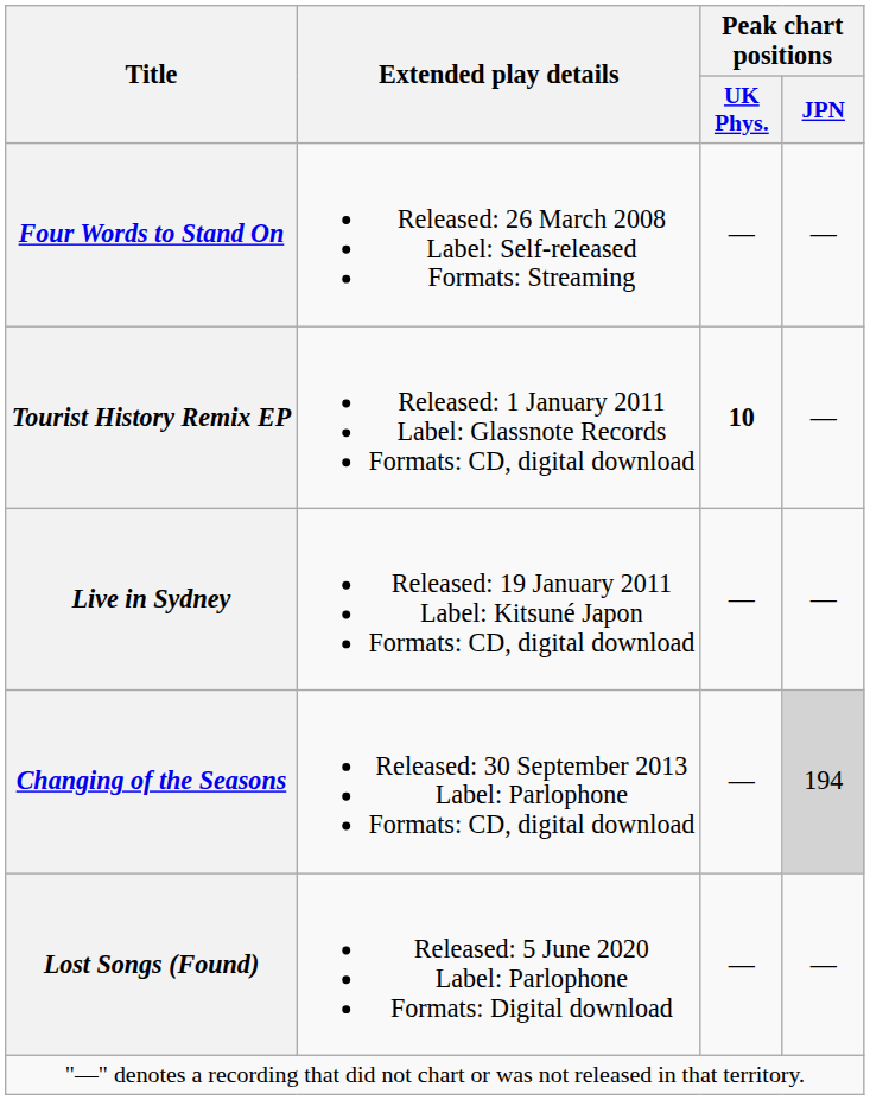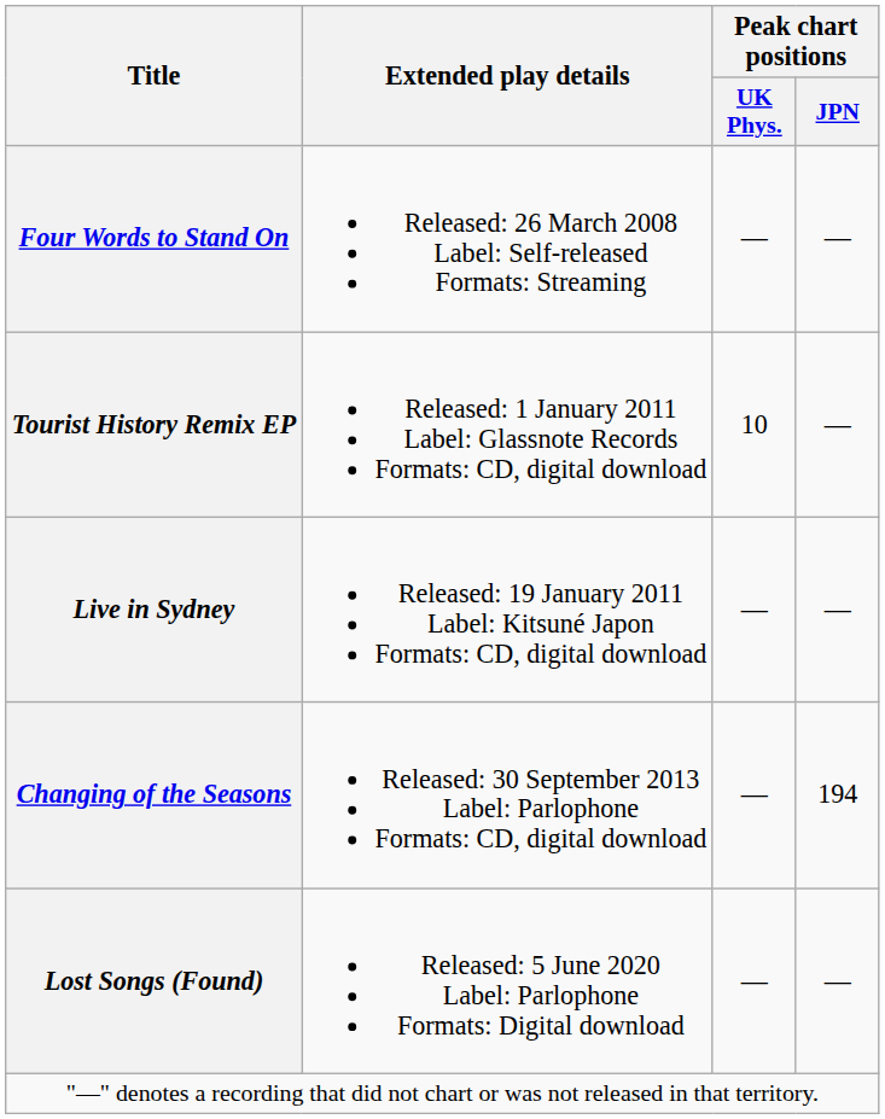 <table class="wikitable plainrowheaders" style="text-align:center;">
 <tr>
 <th scope="col" rowspan="2">Title</th>
 <th scope="col" rowspan="2">Extended play details</th>
 <th scope="col" colspan="2">Peak chart positions</th>
 </tr>
 <tr>
 <th scope="col" style="width:3em;font-size:90%;"><a href='#'>UK<br>Phys.</a><br></th>
 <th scope="col" style="width:3em;font-size:90%;"><a href='#'>JPN</a><br></th>
 </tr>
 <tr>
 <th scope="row"><em><a href='#'>Four Words to Stand On</a></em></th>
 <td><br><ul><li>Released: 26 March 2008</li><li>Label: Self-released</li><li>Formats: Streaming</li></ul></td>
 <td>—</td>
 <td>—</td>
 </tr>
 <tr>
 <th scope="row"><em>Tourist History Remix EP</em></th>
 <td><br><ul><li>Released: 1 January 2011</li><li>Label: Glassnote Records</li><li>Formats: CD, digital download</li></ul></td>
-<td><strong>10</strong></td>
+<td>10</td>
 <td>—</td>
 </tr>
 <tr>
 <th scope="row"><em>Live in Sydney</em></th>
 <td><br><ul><li>Released: 19 January 2011</li><li>Label: Kitsuné Japon</li><li>Formats: CD, digital download</li></ul></td>
 <td>—</td>
 <td>—</td>
 </tr>
 <tr>
 <th scope="row"><em><a href='#'>Changing of the Seasons</a></em></th>
 <td><br><ul><li>Released: 30 September 2013</li><li>Label: Parlophone</li><li>Formats: CD, digital download</li></ul></td>
 <td>—</td>
-<td style="background: lightgrey;">194</td>
+<td>194</td>
 </tr>
 <tr>
 <th scope="row"><em>Lost Songs (Found)</em></th>
 <td><br><ul><li>Released: 5 June 2020</li><li>Label: Parlophone</li><li>Formats: Digital download</li></ul></td>
 <td>—</td>
 <td>—</td>
 </tr>
 <tr>
 <td colspan="14" style="font-size:90%">"—" denotes a recording that did not chart or was not released in that territory.</td>
 </tr>
 </table>
